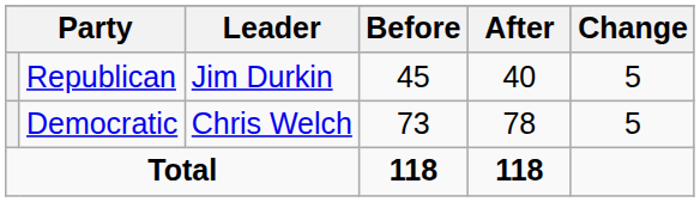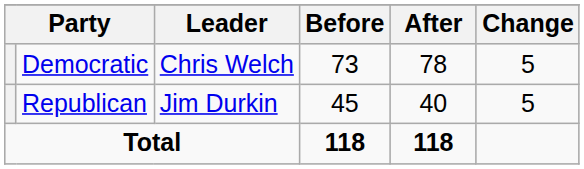 <table class="wikitable" style="text-align:center;">
 <tr>
 </tr>
 <tr>
 <th colspan=2>Party</th>
 <th>Leader</th>
 <th style="width:3em">Before</th>
 <th style="width:3em">After</th>
 <th style="width:3em">Change</th>
 </tr>
 <tr>
 <th style="background-color:"></th>
+<td style="text-align:left;"><a href='#'>Democratic</a></td>
+<td style="text-align:left;"><a href='#'>Chris Welch</a></td>
+<td>73</td>
+<td>78</td>
+<td>5</td>
+</tr>
+<tr>
+<th style="background-color:"></th>
 <td style="text-align:left;"><a href='#'>Republican</a></td>
 <td style="text-align:left;"><a href='#'>Jim Durkin</a></td>
 <td>45</td>
 <td>40</td>
-<td>5</td>
-</tr>
-<tr>
-<th style="background-color:"></th>
-<td style="text-align:left;"><a href='#'>Democratic</a></td>
-<td style="text-align:left;"><a href='#'>Chris Welch</a></td>
-<td>73</td>
-<td>78</td>
 <td>5</td>
 </tr>
 <tr>
 <td colspan=3><strong>Total</strong></td>
 <td><strong>118</strong></td>
 <td><strong>118</strong></td>
 <td></td>
 </tr>
 </table>
